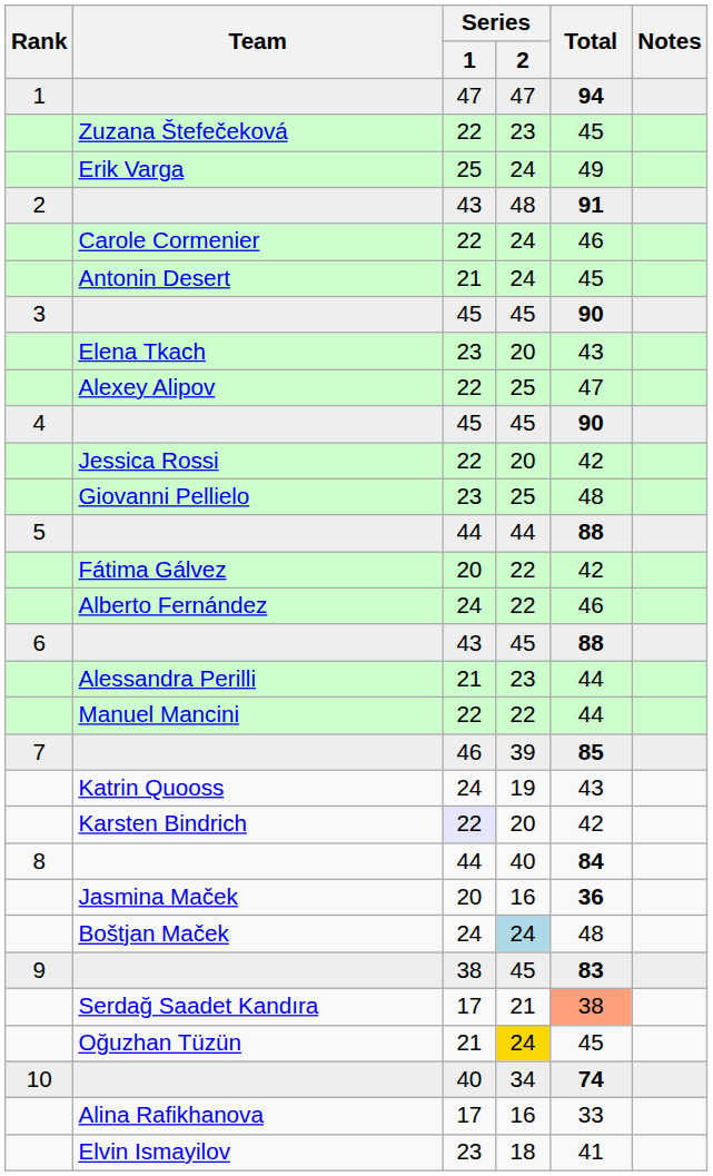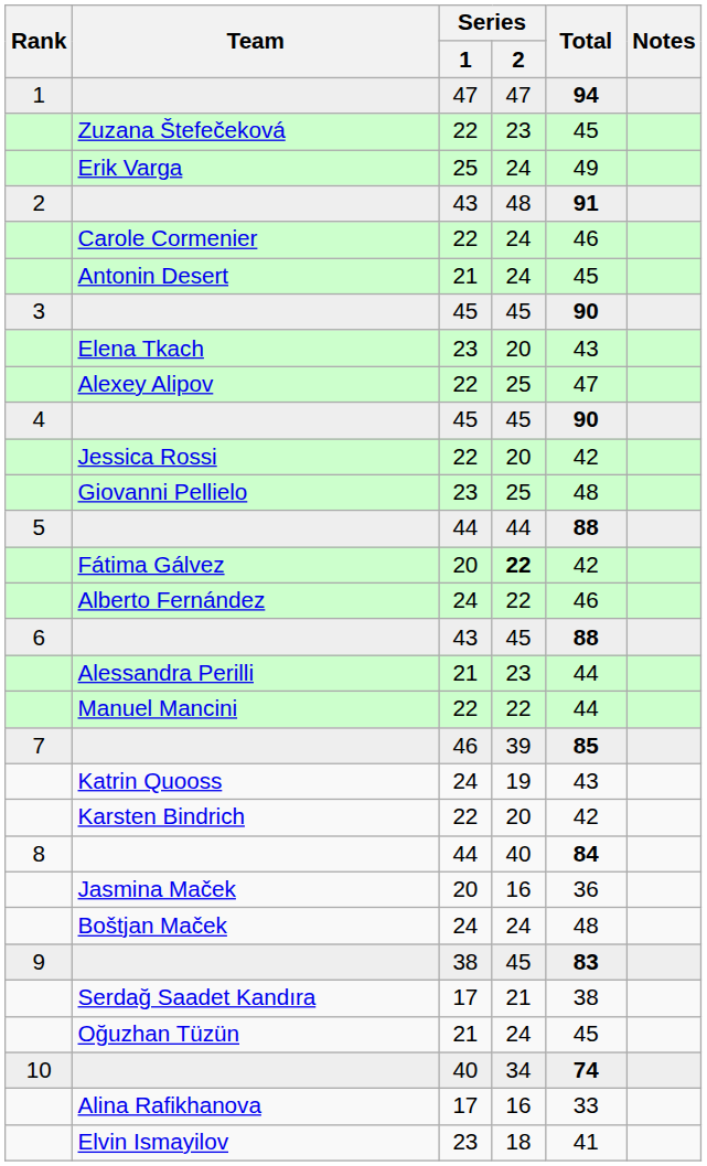 <table class="wikitable" style="text-align:center">
 <tr>
 <th rowspan=2 width=40>Rank</th>
 <th rowspan=2 width=250>Team</th>
 <th colspan=2>Series</th>
 <th rowspan=2 width=50>Total</th>
 <th rowspan=2 width=45>Notes</th>
 </tr>
 <tr>
 <th width=30>1</th>
 <th width=30>2</th>
 </tr>
 <tr bgcolor=eeeeee>
 <td>1</td>
 <td align=left></td>
 <td>47</td>
 <td>47</td>
 <td><strong>94</strong></td>
 <td></td>
 </tr>
 <tr bgcolor=ccffcc>
 <td></td>
 <td align=left><a href='#'>Zuzana Štefečeková</a></td>
 <td>22</td>
 <td>23</td>
 <td>45</td>
 <td></td>
 </tr>
 <tr bgcolor=ccffcc>
 <td></td>
 <td align=left><a href='#'>Erik Varga</a></td>
 <td>25</td>
 <td>24</td>
 <td>49</td>
 <td></td>
 </tr>
 <tr bgcolor=eeeeee>
 <td>2</td>
 <td align=left></td>
 <td>43</td>
 <td>48</td>
 <td><strong>91</strong></td>
 <td></td>
 </tr>
 <tr bgcolor=ccffcc>
 <td></td>
 <td align=left><a href='#'>Carole Cormenier</a></td>
 <td>22</td>
 <td>24</td>
 <td>46</td>
 <td></td>
 </tr>
 <tr bgcolor=ccffcc>
 <td></td>
 <td align=left><a href='#'>Antonin Desert</a></td>
 <td>21</td>
 <td>24</td>
 <td>45</td>
 <td></td>
 </tr>
 <tr bgcolor=eeeeee>
 <td>3</td>
 <td align=left></td>
 <td>45</td>
 <td>45</td>
 <td><strong>90</strong></td>
 <td></td>
 </tr>
 <tr bgcolor=ccffcc>
 <td></td>
 <td align=left><a href='#'>Elena Tkach</a></td>
 <td>23</td>
 <td>20</td>
 <td>43</td>
 <td></td>
 </tr>
 <tr bgcolor=ccffcc>
 <td></td>
 <td align=left><a href='#'>Alexey Alipov</a></td>
 <td>22</td>
 <td>25</td>
 <td>47</td>
 <td></td>
 </tr>
 <tr bgcolor=eeeeee>
 <td>4</td>
 <td align=left></td>
 <td>45</td>
 <td>45</td>
 <td><strong>90</strong></td>
 <td></td>
 </tr>
 <tr bgcolor=ccffcc>
 <td></td>
 <td align=left><a href='#'>Jessica Rossi</a></td>
 <td>22</td>
 <td>20</td>
 <td>42</td>
 <td></td>
 </tr>
 <tr bgcolor=ccffcc>
 <td></td>
 <td align=left><a href='#'>Giovanni Pellielo</a></td>
 <td>23</td>
 <td>25</td>
 <td>48</td>
 <td></td>
 </tr>
 <tr bgcolor=eeeeee>
 <td>5</td>
 <td align=left></td>
 <td>44</td>
 <td>44</td>
 <td><strong>88</strong></td>
 <td></td>
 </tr>
 <tr bgcolor=ccffcc>
 <td></td>
 <td align=left><a href='#'>Fátima Gálvez</a></td>
 <td>20</td>
-<td>22</td>
+<td><strong>22</strong></td>
 <td>42</td>
 <td></td>
 </tr>
 <tr bgcolor=ccffcc>
 <td></td>
 <td align=left><a href='#'>Alberto Fernández</a></td>
 <td>24</td>
 <td>22</td>
 <td>46</td>
 <td></td>
 </tr>
 <tr bgcolor=eeeeee>
 <td>6</td>
 <td align=left></td>
 <td>43</td>
 <td>45</td>
 <td><strong>88</strong></td>
 <td></td>
 </tr>
 <tr bgcolor=ccffcc>
 <td></td>
 <td align=left><a href='#'>Alessandra Perilli</a></td>
 <td>21</td>
 <td>23</td>
 <td>44</td>
 <td></td>
 </tr>
 <tr bgcolor=ccffcc>
 <td></td>
 <td align=left><a href='#'>Manuel Mancini</a></td>
 <td>22</td>
 <td>22</td>
 <td>44</td>
 <td></td>
 </tr>
 <tr bgcolor=eeeeee>
 <td>7</td>
 <td align=left></td>
 <td>46</td>
 <td>39</td>
 <td><strong>85</strong></td>
 <td></td>
 </tr>
 <tr>
 <td></td>
 <td align=left><a href='#'>Katrin Quooss</a></td>
 <td>24</td>
 <td>19</td>
 <td>43</td>
 <td></td>
 </tr>
 <tr>
 <td></td>
 <td align=left><a href='#'>Karsten Bindrich</a></td>
-<td style="background: lavender;">22</td>
+<td>22</td>
 <td>20</td>
 <td>42</td>
 <td></td>
 </tr>
 <tr>
 <td>8</td>
 <td align=left></td>
 <td>44</td>
 <td>40</td>
 <td><strong>84</strong></td>
 <td></td>
 </tr>
 <tr>
 <td></td>
 <td align=left><a href='#'>Jasmina Maček</a></td>
 <td>20</td>
 <td>16</td>
-<td><strong>36</strong></td>
+<td>36</td>
 <td></td>
 </tr>
 <tr>
 <td></td>
 <td align=left><a href='#'>Boštjan Maček</a></td>
 <td>24</td>
-<td style="background: lightblue;">24</td>
+<td>24</td>
 <td>48</td>
 <td></td>
 </tr>
 <tr bgcolor=eeeeee>
 <td>9</td>
 <td align=left></td>
 <td>38</td>
 <td>45</td>
 <td><strong>83</strong></td>
 <td></td>
 </tr>
 <tr>
 <td></td>
 <td align=left><a href='#'>Serdağ Saadet Kandıra</a></td>
 <td>17</td>
 <td>21</td>
-<td style="background: lightsalmon;">38</td>
+<td>38</td>
 <td></td>
 </tr>
 <tr>
 <td></td>
 <td align=left><a href='#'>Oğuzhan Tüzün</a></td>
 <td>21</td>
-<td style="background: gold;">24</td>
+<td>24</td>
 <td>45</td>
 <td></td>
 </tr>
 <tr bgcolor=eeeeee>
 <td>10</td>
 <td align=left></td>
 <td>40</td>
 <td>34</td>
 <td><strong>74</strong></td>
 <td></td>
 </tr>
 <tr>
 <td></td>
 <td align=left><a href='#'>Alina Rafikhanova</a></td>
 <td>17</td>
 <td>16</td>
 <td>33</td>
 <td></td>
 </tr>
 <tr>
 <td></td>
 <td align=left><a href='#'>Elvin Ismayilov</a></td>
 <td>23</td>
 <td>18</td>
 <td>41</td>
 <td></td>
 </tr>
 </table>
